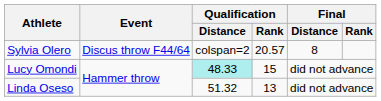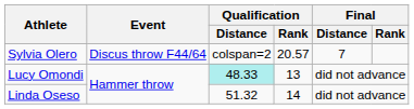 <table class="wikitable" style="font-size:90%; text-align:center">
 <tr>
 <th rowspan=2>Athlete</th>
 <th rowspan=2>Event</th>
 <th colspan=2>Qualification</th>
 <th colspan=2>Final</th>
 </tr>
 <tr style="font-size:95%">
 <th>Distance</th>
 <th>Rank</th>
 <th>Distance</th>
 <th>Rank</th>
 </tr>
 <tr>
 <td align=left><a href='#'>Sylvia Olero</a></td>
 <td align=left><a href='#'>Discus throw F44/64</a></td>
 <td>colspan=2 </td>
 <td>20.57</td>
-<td>8</td>
+<td>7</td>
 </tr>
 <tr>
 <td align=left><a href='#'>Lucy Omondi</a></td>
 <td align=left rowspan=2><a href='#'>Hammer throw</a></td>
 <td style="background: paleturquoise;">48.33</td>
-<td>15</td>
+<td>13</td>
 <td colspan=2>did not advance</td>
 </tr>
 <tr>
 <td align=left><a href='#'>Linda Oseso</a></td>
 <td>51.32</td>
-<td>13</td>
+<td>14</td>
 <td colspan=2>did not advance</td>
 </tr>
 </table>
